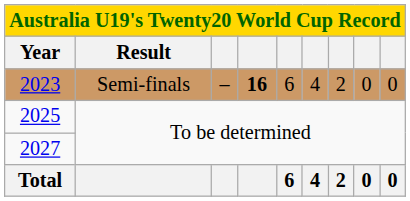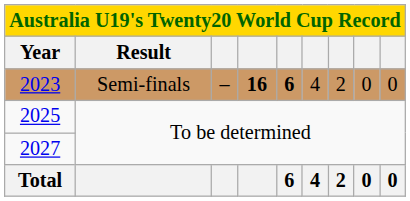 <table class="wikitable" style="text-align:center">
 <tr>
 <th style="color:darkgreen; background:gold;" colspan=9>Australia U19's Twenty20 World Cup Record</th>
 </tr>
 <tr>
 <th>Year</th>
 <th>Result</th>
 <th></th>
 <th></th>
 <th></th>
 <th></th>
 <th></th>
 <th></th>
 <th></th>
 </tr>
 <tr style="background:#cc9966;">
 <td> <a href='#'>2023</a></td>
 <td>Semi-finals</td>
 <td>–</td>
 <td><strong>16</strong></td>
-<td>6</td>
+<td><strong>6</strong></td>
 <td>4</td>
 <td>2</td>
 <td>0</td>
 <td>0</td>
 </tr>
 <tr>
 <td> <a href='#'>2025</a></td>
 <td colspan="8" rowspan="2">To be determined</td>
 </tr>
 <tr>
 <td> <a href='#'>2027</a></td>
 </tr>
 <tr>
 <th>Total</th>
 <th></th>
 <th></th>
 <th></th>
 <th>6</th>
 <th>4</th>
 <th>2</th>
 <th>0</th>
 <th>0</th>
 </tr>
 </table>
